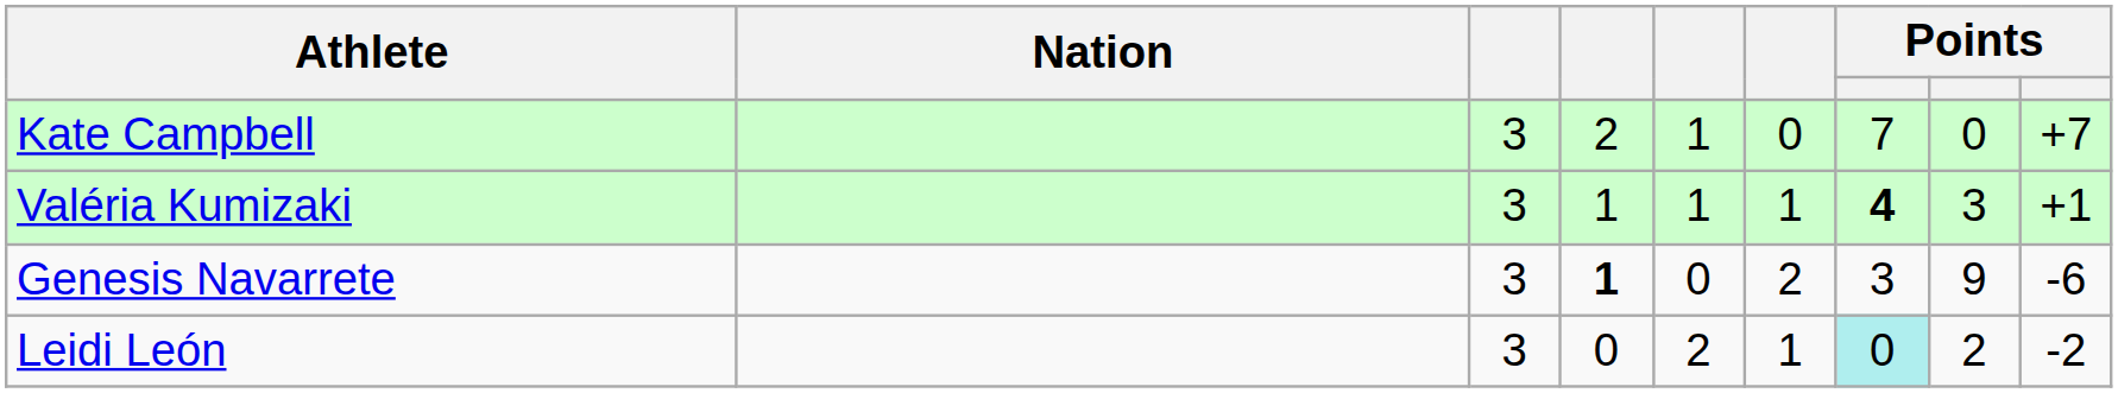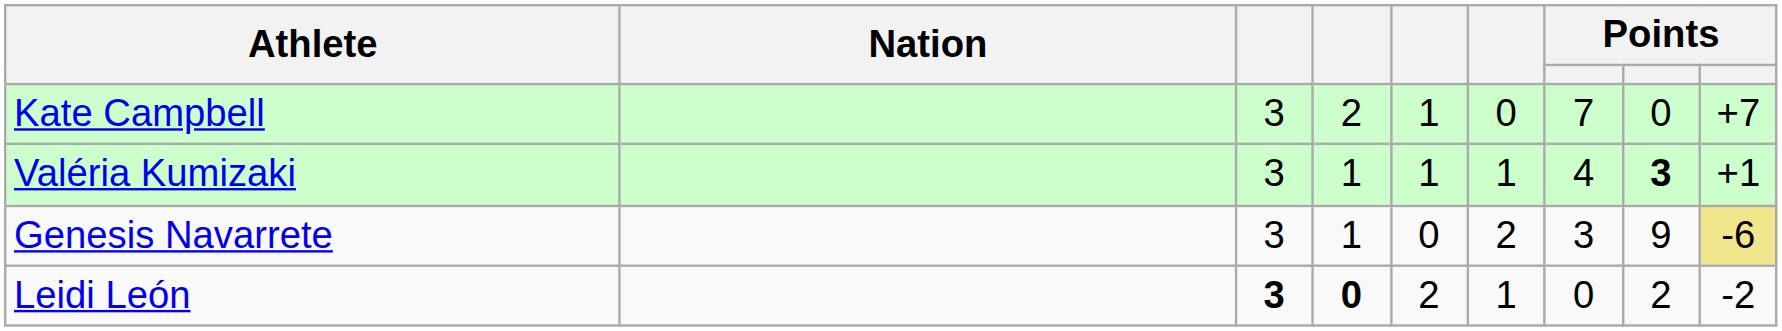 <table class="wikitable" style="text-align: center; font-size:100% ">
 <tr>
 <th rowspan=2 width=250>Athlete</th>
 <th rowspan=2 width=250>Nation</th>
 <th rowspan=2 width=25></th>
 <th rowspan=2 width=25></th>
 <th rowspan=2 width=25></th>
 <th rowspan=2 width=25></th>
 <th colspan=3>Points</th>
 </tr>
 <tr>
 <th width=25></th>
 <th width=25></th>
 <th width=25></th>
 </tr>
 <tr bgcolor="ccffcc">
 <td align=left><a href='#'>Kate Campbell</a></td>
 <td align=left></td>
 <td>3</td>
 <td>2</td>
 <td>1</td>
 <td>0</td>
 <td>7</td>
 <td>0</td>
 <td>+7</td>
 </tr>
 <tr bgcolor="ccffcc">
 <td align=left><a href='#'>Valéria Kumizaki</a></td>
 <td align=left></td>
 <td>3</td>
 <td>1</td>
 <td>1</td>
 <td>1</td>
-<td><strong>4</strong></td>
-<td>3</td>
+<td>4</td>
+<td><strong>3</strong></td>
 <td>+1</td>
 </tr>
 <tr>
 <td align=left><a href='#'>Genesis Navarrete</a></td>
 <td align=left></td>
 <td>3</td>
-<td><strong>1</strong></td>
+<td>1</td>
 <td>0</td>
 <td>2</td>
 <td>3</td>
 <td>9</td>
-<td>-6</td>
+<td style="background: khaki;">-6</td>
 </tr>
 <tr>
 <td align=left><a href='#'>Leidi León</a></td>
 <td align=left></td>
-<td>3</td>
-<td>0</td>
+<td><strong>3</strong></td>
+<td><strong>0</strong></td>
 <td>2</td>
 <td>1</td>
-<td style="background: paleturquoise;">0</td>
+<td>0</td>
 <td>2</td>
 <td>-2</td>
 </tr>
 </table>
